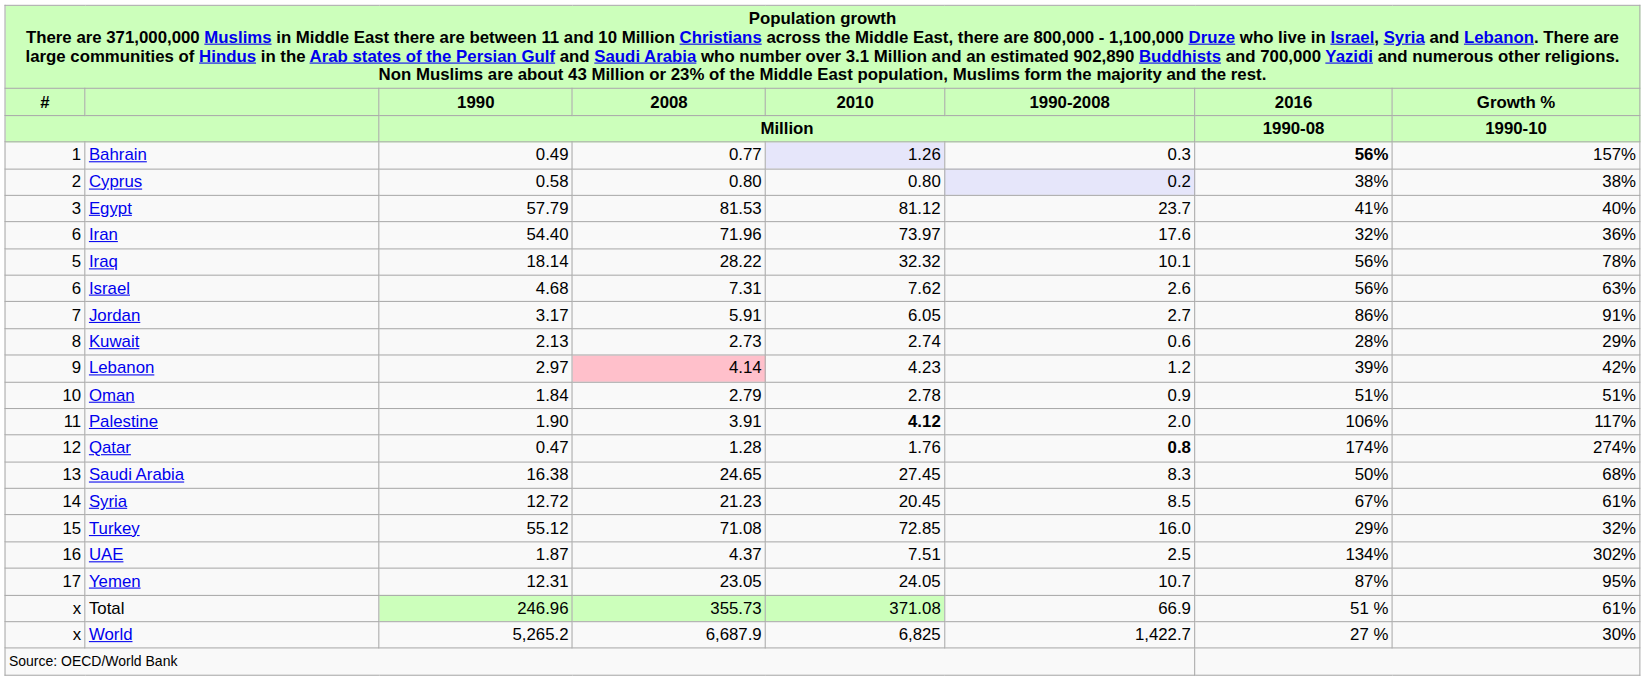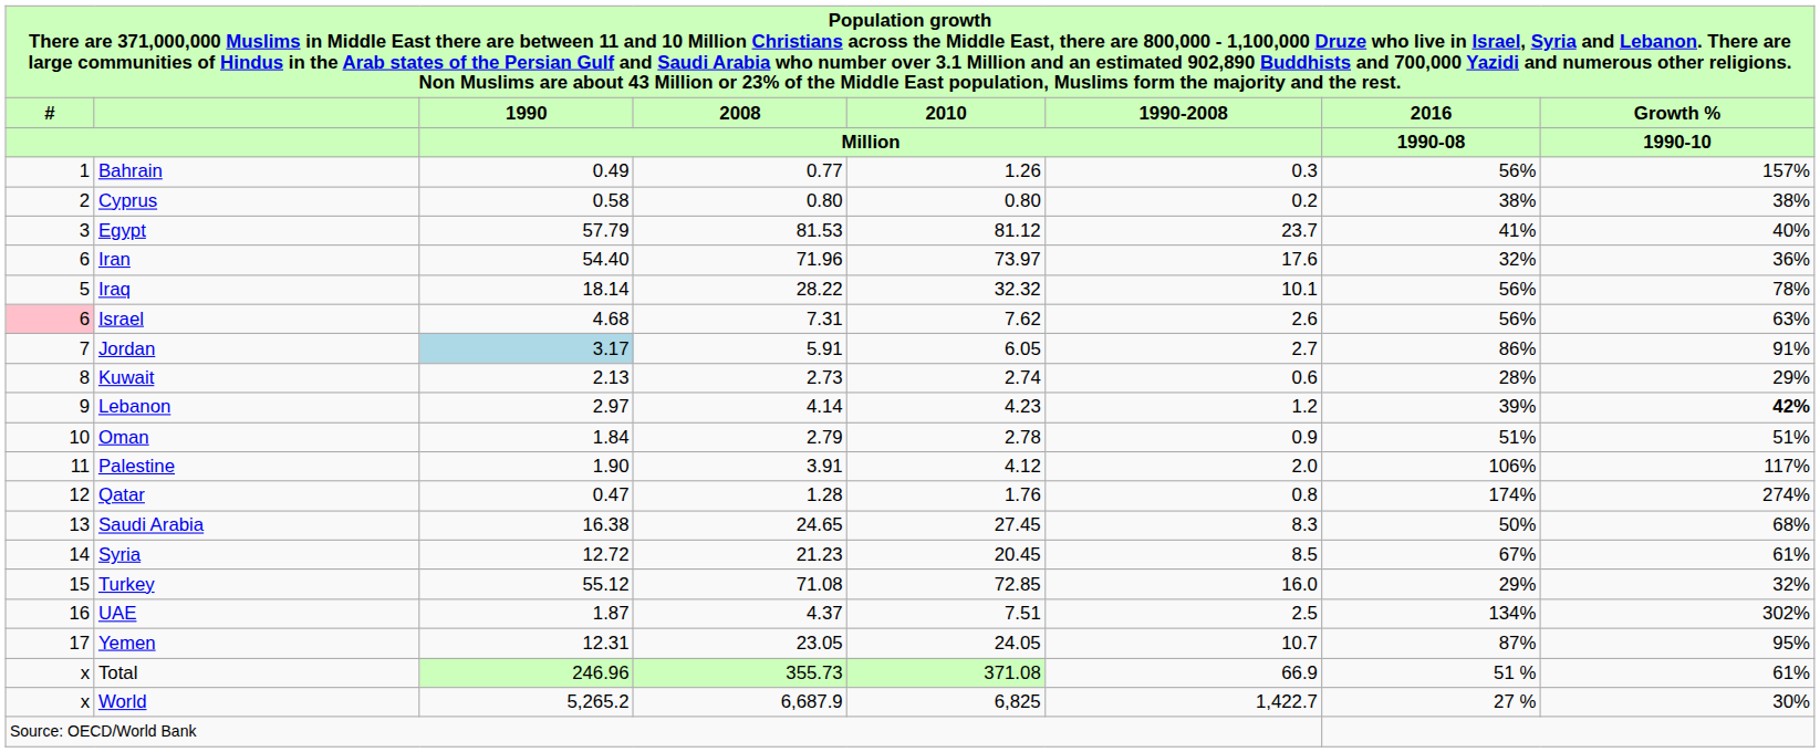 <table class="wikitable" style="float: right; margin-left: 10px">
 <tr>
 <th colspan=8 align="center" style="background-color: #cfb;">Population growth<br>There are 371,000,000 <a href='#'>Muslims</a> in Middle East there are between 11 and 10 Million <a href='#'>Christians</a> across the Middle East, there are 800,000 - 1,100,000 <a href='#'>Druze</a> who live in <a href='#'>Israel</a>, <a href='#'>Syria</a> and <a href='#'>Lebanon</a>. There are large communities of <a href='#'>Hindus</a> in the <a href='#'>Arab states of the Persian Gulf</a> and <a href='#'>Saudi Arabia</a> who number over 3.1 Million and an estimated 902,890 <a href='#'>Buddhists</a> and 700,000 <a href='#'>Yazidi</a> and numerous other religions. Non Muslims are about 43 Million or 23% of the Middle East population, Muslims form the majority and the rest.</th>
 </tr>
 <tr>
 <th style="background-color: #cfb;">#</th>
 <th style="background-color: #cfb;"></th>
 <th style="background-color: #cfb;">1990</th>
 <th style="background-color: #cfb;">2008</th>
 <th style="background-color: #cfb;">2010</th>
 <th colspan=1 style="background-color: #cfb;">1990-2008</th>
 <th colspan=1 style="background-color: #cfb;">2016</th>
 <th colspan=2 style="background-color: #cfb;">Growth %</th>
 </tr>
 <tr>
 <th colspan=2 style="background-color: #cfb;"></th>
 <th colspan=4 style="background-color: #cfb;">Million</th>
 <th style="background-color: #cfb;">1990-08</th>
 <th style="background-color: #cfb;">1990-10</th>
 </tr>
 <tr ---->
 <td align="right">1</td>
 <td align="left"><a href='#'>Bahrain</a></td>
 <td align="right">0.49</td>
 <td align="right">0.77</td>
-<td align="right" style="background: lavender;">1.26</td>
+<td align="right">1.26</td>
 <td align="right">0.3</td>
-<td align="right"><strong>56%</strong></td>
+<td align="right">56%</td>
 <td align="right">157%</td>
 </tr>
 <tr ---->
 <td align="right">2</td>
 <td align="left"><a href='#'>Cyprus</a></td>
 <td align="right">0.58</td>
 <td align="right">0.80</td>
 <td align="right">0.80</td>
-<td align="right" style="background: lavender;">0.2</td>
+<td align="right">0.2</td>
 <td align="right">38%</td>
 <td align="right">38%</td>
 </tr>
 <tr --->
 <td align="right">3</td>
 <td align="left"><a href='#'>Egypt</a></td>
 <td align="right">57.79</td>
 <td align="right">81.53</td>
 <td align="right">81.12</td>
 <td align="right">23.7</td>
 <td align="right">41%</td>
 <td align="right">40%</td>
 </tr>
 <tr --->
 <td align="right">6</td>
 <td align="left"><a href='#'>Iran</a></td>
 <td align="right">54.40</td>
 <td align="right">71.96</td>
 <td align="right">73.97</td>
 <td align="right">17.6</td>
 <td align="right">32%</td>
 <td align="right">36%</td>
 </tr>
 <tr ---->
 <td align="right">5</td>
 <td align="left"><a href='#'>Iraq</a></td>
 <td align="right">18.14</td>
 <td align="right">28.22</td>
 <td align="right">32.32</td>
 <td align="right">10.1</td>
 <td align="right">56%</td>
 <td align="right">78%</td>
 </tr>
 <tr --->
-<td align="right">6</td>
+<td align="right" style="background: pink;">6</td>
 <td align="left"><a href='#'>Israel</a></td>
 <td align="right">4.68</td>
 <td align="right">7.31</td>
 <td align="right">7.62</td>
 <td align="right">2.6</td>
 <td align="right">56%</td>
 <td align="right">63%</td>
 </tr>
 <tr --->
 <td align="right">7</td>
 <td align="left"><a href='#'>Jordan</a></td>
-<td align="right">3.17</td>
+<td align="right" style="background: lightblue;">3.17</td>
 <td align="right">5.91</td>
 <td align="right">6.05</td>
 <td align="right">2.7</td>
 <td align="right">86%</td>
 <td align="right">91%</td>
 </tr>
 <tr ---->
 <td align="right">8</td>
 <td align="left"><a href='#'>Kuwait</a></td>
 <td align="right">2.13</td>
 <td align="right">2.73</td>
 <td align="right">2.74</td>
 <td align="right">0.6</td>
 <td align="right">28%</td>
 <td align="right">29%</td>
 </tr>
 <tr --->
 <td align="right">9</td>
 <td align="left"><a href='#'>Lebanon</a></td>
 <td align="right">2.97</td>
-<td align="right" style="background: pink;">4.14</td>
+<td align="right">4.14</td>
 <td align="right">4.23</td>
 <td align="right">1.2</td>
 <td align="right">39%</td>
-<td align="right">42%</td>
+<td align="right"><strong>42%</strong></td>
 </tr>
 <tr --->
 <td align="right">10</td>
 <td align="left"><a href='#'>Oman</a></td>
 <td align="right">1.84</td>
 <td align="right">2.79</td>
 <td align="right">2.78</td>
 <td align="right">0.9</td>
 <td align="right">51%</td>
 <td align="right">51%</td>
 </tr>
 <tr --->
 <td align="right">11</td>
 <td align="left"><a href='#'>Palestine</a></td>
 <td align="right">1.90</td>
 <td align="right">3.91</td>
-<td align="right"><strong>4.12</strong></td>
+<td align="right">4.12</td>
 <td align="right">2.0</td>
 <td align="right">106%</td>
 <td align="right">117%</td>
 </tr>
 <tr --->
 <td align="right">12</td>
 <td align="left"><a href='#'>Qatar</a></td>
 <td align="right">0.47</td>
 <td align="right">1.28</td>
 <td align="right">1.76</td>
-<td align="right"><strong>0.8</strong></td>
+<td align="right">0.8</td>
 <td align="right">174%</td>
 <td align="right">274%</td>
 </tr>
 <tr --->
 <td align="right">13</td>
 <td align="left"><a href='#'>Saudi Arabia</a></td>
 <td align="right">16.38</td>
 <td align="right">24.65</td>
 <td align="right">27.45</td>
 <td align="right">8.3</td>
 <td align="right">50%</td>
 <td align="right">68%</td>
 </tr>
 <tr --->
 <td align="right">14</td>
 <td align="left"><a href='#'>Syria</a></td>
 <td align="right">12.72</td>
 <td align="right">21.23</td>
 <td align="right">20.45</td>
 <td align="right">8.5</td>
 <td align="right">67%</td>
 <td align="right">61%</td>
 </tr>
 <tr --->
 <td align="right">15</td>
 <td align="left"><a href='#'>Turkey</a></td>
 <td align="right">55.12</td>
 <td align="right">71.08</td>
 <td align="right">72.85</td>
 <td align="right">16.0</td>
 <td align="right">29%</td>
 <td align="right">32%</td>
 </tr>
 <tr --->
 <td align="right">16</td>
 <td align="left"><a href='#'>UAE</a></td>
 <td align="right">1.87</td>
 <td align="right">4.37</td>
 <td align="right">7.51</td>
 <td align="right">2.5</td>
 <td align="right">134%</td>
 <td align="right">302%</td>
 </tr>
 <tr --->
 <td align="right">17</td>
 <td align="left"><a href='#'>Yemen</a></td>
 <td align="right">12.31</td>
 <td align="right">23.05</td>
 <td align="right">24.05</td>
 <td align="right">10.7</td>
 <td align="right">87%</td>
 <td align="right">95%</td>
 </tr>
 <tr --->
 <td align="right">x</td>
 <td align="left">Total</td>
 <td align="right" style="background-color: #cfb;">246.96</td>
 <td align="right" style="background-color: #cfb;">355.73</td>
 <td align="right" style="background-color: #cfb;">371.08</td>
 <td align="right">66.9</td>
 <td align="right">51 %</td>
 <td align="right">61%</td>
 </tr>
 <tr --->
 <td align="right">x</td>
 <td align="left"><a href='#'>World</a></td>
 <td align="right">5,265.2</td>
 <td align="right">6,687.9</td>
 <td align="right">6,825</td>
 <td align="right">1,422.7</td>
 <td align="right">27 %</td>
 <td align="right">30%</td>
 </tr>
 <tr ---->
 <td align="left" colspan=6><small> Source: OECD/World Bank</small></td>
 </tr>
 </table>
